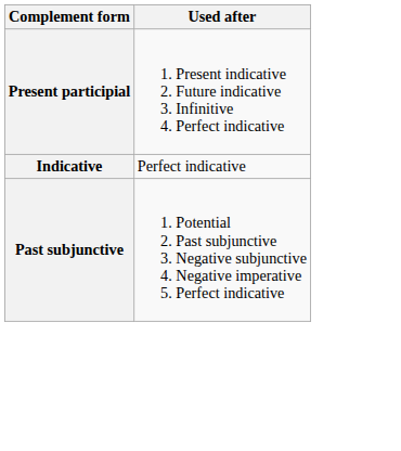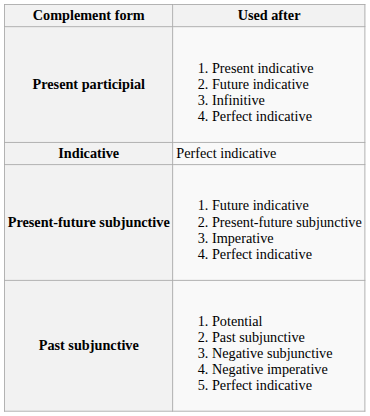 <table class = "wikitable">
 <tr>
 <th>Complement form</th>
 <th>Used after</th>
 </tr>
 <tr>
 <th>Present participial</th>
 <td><ol><br>	<li>Present indicative</li> 	<li>Future indicative</li> 	<li>Infinitive</li> 	<li>Perfect indicative</li> </ol></td>
 </tr>
 <tr>
 <th>Indicative</th>
 <td>Perfect indicative</td>
 </tr>
 <tr>
+<th>Present-future subjunctive</th>
+<td><ol><br>	<li>Future indicative</li> 	<li>Present-future subjunctive</li> 	<li>Imperative</li> 	<li>Perfect indicative</li> </ol></td>
+</tr>
+<tr>
 <th>Past subjunctive</th>
 <td><ol><br>	<li>Potential</li> 	<li>Past subjunctive</li> 	<li>Negative subjunctive</li> 	<li>Negative imperative</li> 	<li>Perfect indicative</li> </ol></td>
 </tr>
 </table>
